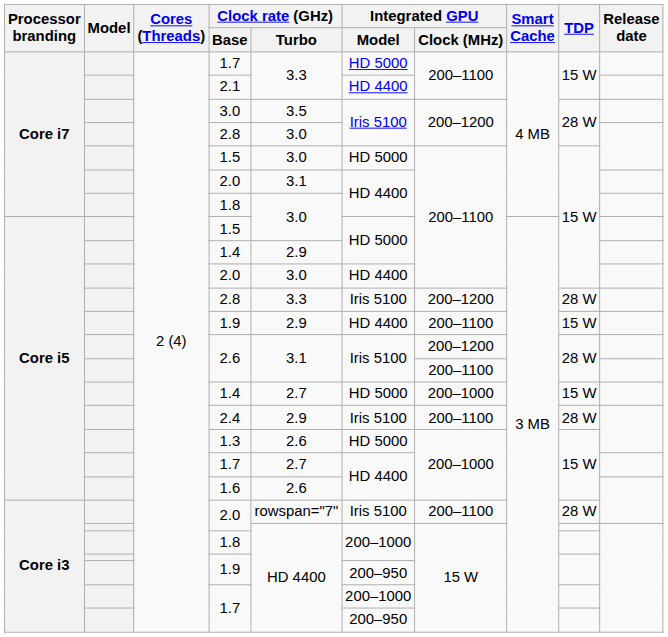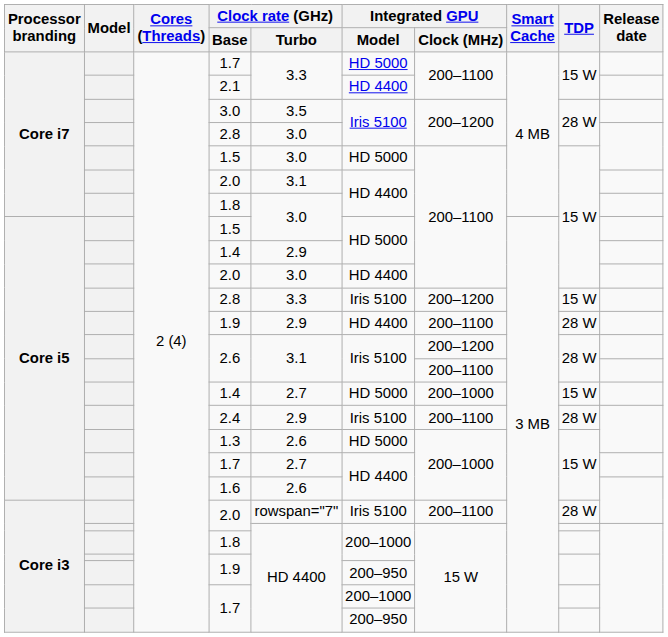 <table class="wikitable sortable nowrap" style="text-align: center;">
 <tr>
 <th class="unsortable" rowspan="2">Processor<br>branding</th>
 <th rowspan="2">Model</th>
 <th class="unsortable" rowspan="2"><a href='#'>Cores</a><br>(<a href='#'>Threads</a>)</th>
 <th colspan="2"><a href='#'>Clock rate</a> (GHz)</th>
 <th colspan="2">Integrated <a href='#'>GPU</a></th>
 <th class="unsortable" rowspan="2"><a href='#'>Smart<br>Cache</a></th>
 <th rowspan="2"><a href='#'>TDP</a></th>
 <th rowspan="2">Release<br>date</th>
 </tr>
 <tr>
 <th class="unsortable">Base</th>
 <th class="unsortable">Turbo</th>
 <th class="unsortable">Model</th>
 <th class="unsortable">Clock (MHz)</th>
 </tr>
 <tr>
 <th rowspan="7">Core i7</th>
 <th style="text-align:left;" data-sort-value="sku26"></th>
 <td rowspan="26">2 (4)</td>
 <td>1.7</td>
 <td rowspan="2">3.3</td>
 <td><a href='#'>HD 5000</a></td>
 <td rowspan="2">200–1100</td>
 <td rowspan="7">4 MB</td>
 <td rowspan="2">15 W</td>
 <td></td>
 </tr>
 <tr>
 <th style="text-align:left;" data-sort-value="sku25"></th>
 <td>2.1</td>
 <td><a href='#'>HD 4400</a></td>
 <td></td>
 </tr>
 <tr>
 <th style="text-align:left;" data-sort-value="sku24"></th>
 <td>3.0</td>
 <td>3.5</td>
 <td rowspan="2"><a href='#'>Iris 5100</a></td>
 <td rowspan="2">200–1200</td>
 <td rowspan="2">28 W</td>
 <td></td>
 </tr>
 <tr>
 <th style="text-align:left;" data-sort-value="sku23"></th>
 <td>2.8</td>
 <td>3.0</td>
 <td rowspan="2"></td>
 </tr>
 <tr>
 <th style="text-align:left;" data-sort-value="sku22"></th>
 <td>1.5</td>
 <td>3.0</td>
 <td>HD 5000</td>
 <td rowspan="6">200–1100</td>
 <td rowspan="6">15 W</td>
 </tr>
 <tr>
 <th style="text-align:left;" data-sort-value="sku21"></th>
 <td>2.0</td>
 <td>3.1</td>
 <td rowspan="2">HD 4400</td>
 <td></td>
 </tr>
 <tr>
 <th style="text-align:left;" data-sort-value="sku20"></th>
 <td>1.8</td>
 <td rowspan="2">3.0</td>
 <td></td>
 </tr>
 <tr>
 <th rowspan="12">Core i5</th>
 <th style="text-align:left;" data-sort-value="sku19"></th>
 <td>1.5</td>
 <td rowspan="2">HD 5000</td>
 <td rowspan="19">3 MB</td>
 <td></td>
 </tr>
 <tr>
 <th style="text-align:left;" data-sort-value="sku18"></th>
 <td>1.4</td>
 <td>2.9</td>
 <td></td>
 </tr>
 <tr>
 <th style="text-align:left;" data-sort-value="sku17"></th>
 <td>2.0</td>
 <td>3.0</td>
 <td>HD 4400</td>
 <td></td>
 </tr>
 <tr>
 <th style="text-align:left;" data-sort-value="sku16"></th>
 <td>2.8</td>
 <td>3.3</td>
 <td>Iris 5100</td>
 <td>200–1200</td>
-<td>28 W</td>
+<td>15 W</td>
 <td></td>
 </tr>
 <tr>
 <th style="text-align:left;" data-sort-value="sku15"></th>
 <td>1.9</td>
 <td>2.9</td>
 <td>HD 4400</td>
 <td>200–1100</td>
-<td>15 W</td>
+<td>28 W</td>
 <td></td>
 </tr>
 <tr>
 <th style="text-align:left;" data-sort-value="sku14"></th>
 <td rowspan="2">2.6</td>
 <td rowspan="2">3.1</td>
 <td rowspan="2">Iris 5100</td>
 <td>200–1200</td>
 <td rowspan="2">28 W</td>
 <td></td>
 </tr>
 <tr>
 <th style="text-align:left;" data-sort-value="sku13"></th>
 <td>200–1100</td>
 <td></td>
 </tr>
 <tr>
 <th style="text-align:left;" data-sort-value="sku12"></th>
 <td>1.4</td>
 <td>2.7</td>
 <td>HD 5000</td>
 <td>200–1000</td>
 <td>15 W</td>
 <td></td>
 </tr>
 <tr>
 <th style="text-align:left;" data-sort-value="sku11"></th>
 <td>2.4</td>
 <td>2.9</td>
 <td>Iris 5100</td>
 <td>200–1100</td>
 <td>28 W</td>
 <td rowspan="2"></td>
 </tr>
 <tr>
 <th style="text-align:left;" data-sort-value="sku10"></th>
 <td>1.3</td>
 <td>2.6</td>
 <td>HD 5000</td>
 <td rowspan="3">200–1000</td>
 <td rowspan="3">15 W</td>
 </tr>
 <tr>
 <th style="text-align:left;" data-sort-value="sku9"></th>
 <td>1.7</td>
 <td>2.7</td>
 <td rowspan="2">HD 4400</td>
 <td></td>
 </tr>
 <tr>
 <th style="text-align:left;" data-sort-value="sku8"></th>
 <td>1.6</td>
 <td>2.6</td>
 <td rowspan="2"></td>
 </tr>
 <tr>
 <th rowspan="7">Core i3</th>
 <th style="text-align:left;" data-sort-value="sku7"></th>
 <td rowspan="2">2.0</td>
 <td>rowspan="7" </td>
 <td>Iris 5100</td>
 <td>200–1100</td>
 <td>28 W</td>
 </tr>
 <tr>
 <th style="text-align:left;" data-sort-value="sku6"></th>
 <td rowspan="6">HD 4400</td>
 <td rowspan="3">200–1000</td>
 <td rowspan="6">15 W</td>
 <td></td>
 </tr>
 <tr>
 <th style="text-align:left;" data-sort-value="sku5"></th>
 <td>1.8</td>
 <td></td>
 </tr>
 <tr>
 <th style="text-align:left;" data-sort-value="sku4"></th>
 <td rowspan="2">1.9</td>
 <td rowspan="2"></td>
 </tr>
 <tr>
 <th style="text-align:left;" data-sort-value="sku3"></th>
 <td>200–950</td>
 </tr>
 <tr>
 <th style="text-align:left;" data-sort-value="sku2"></th>
 <td rowspan="2">1.7</td>
 <td>200–1000</td>
 <td></td>
 </tr>
 <tr>
 <th style="text-align:left;" data-sort-value="sku1"></th>
 <td>200–950</td>
 <td></td>
 </tr>
 </table>
